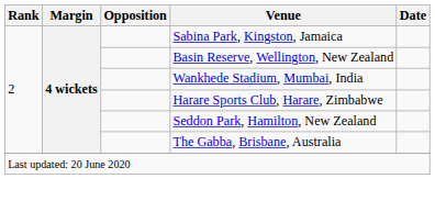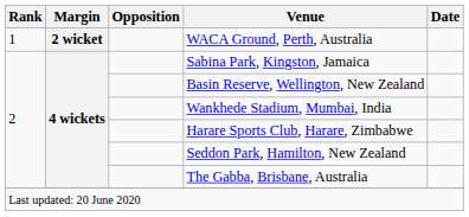 <table class="wikitable sortable">
 <tr>
 <th scope=col>Rank</th>
 <th scope=col>Margin</th>
 <th scope=col>Opposition</th>
 <th scope=col>Venue</th>
 <th scope=col>Date</th>
+</tr>
+<tr>
+<td>1</td>
+<th scope=row style=text-align:center>2 wicket</th>
+<td></td>
+<td><a href='#'>WACA Ground</a>, <a href='#'>Perth</a>, Australia</td>
+<td></td>
 </tr>
 <tr>
 <td rowspan=6>2</td>
 <th scope=row style=text-align:center rowspan=6>4 wickets</th>
 <td></td>
 <td><a href='#'>Sabina Park</a>, <a href='#'>Kingston</a>, Jamaica</td>
 <td></td>
 </tr>
 <tr>
 <td></td>
 <td><a href='#'>Basin Reserve</a>, <a href='#'>Wellington</a>, New Zealand</td>
 <td></td>
 </tr>
 <tr>
 <td></td>
 <td><a href='#'>Wankhede Stadium</a>, <a href='#'>Mumbai</a>, India</td>
 <td></td>
 </tr>
 <tr>
 <td></td>
 <td><a href='#'>Harare Sports Club</a>, <a href='#'>Harare</a>, Zimbabwe</td>
 <td></td>
 </tr>
 <tr>
 <td></td>
 <td><a href='#'>Seddon Park</a>, <a href='#'>Hamilton</a>, New Zealand</td>
 <td></td>
 </tr>
 <tr>
 <td></td>
 <td><a href='#'>The Gabba</a>, <a href='#'>Brisbane</a>, Australia</td>
 <td></td>
 </tr>
 <tr>
 </tr>
 <tr class=sortbottom>
 <td colspan=5><small>Last updated: 20 June 2020</small></td>
 </tr>
 </table>
